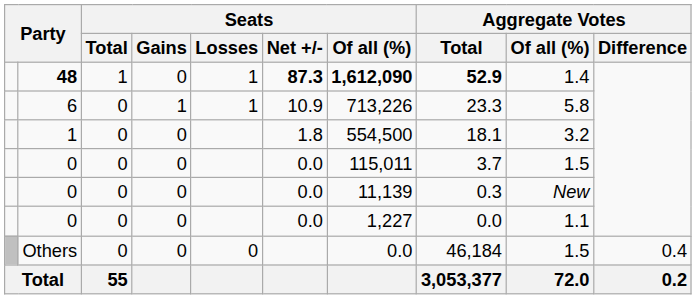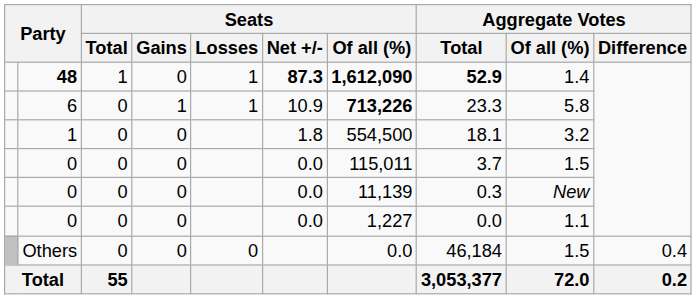 <table class="wikitable sortable" style="text-align:right; font-size:95%;">
 <tr>
 <th colspan="2" rowspan="2">Party</th>
 <th colspan="5">Seats</th>
 <th colspan="3">Aggregate Votes</th>
 </tr>
 <tr>
 <th>Total</th>
 <th>Gains</th>
 <th>Losses</th>
 <th>Net +/-</th>
 <th>Of all (%)</th>
 <th>Total</th>
 <th>Of all (%)</th>
 <th>Difference</th>
 </tr>
 <tr>
 <td></td>
 <td><strong>48</strong></td>
 <td>1</td>
 <td>0</td>
 <td>1</td>
 <td><strong>87.3</strong></td>
 <td><strong>1,612,090</strong></td>
 <td><strong>52.9</strong></td>
 <td>1.4</td>
 </tr>
 <tr>
 <td></td>
 <td>6</td>
 <td>0</td>
 <td>1</td>
 <td>1</td>
 <td>10.9</td>
-<td>713,226</td>
+<td><strong>713,226</strong></td>
 <td>23.3</td>
 <td>5.8</td>
 </tr>
 <tr>
 <td></td>
 <td>1</td>
 <td>0</td>
 <td>0</td>
 <td></td>
 <td>1.8</td>
 <td>554,500</td>
 <td>18.1</td>
 <td>3.2</td>
 </tr>
 <tr>
 <td></td>
 <td>0</td>
 <td>0</td>
 <td>0</td>
 <td></td>
 <td>0.0</td>
 <td>115,011</td>
 <td>3.7</td>
 <td>1.5</td>
 </tr>
 <tr>
 <td></td>
 <td>0</td>
 <td>0</td>
 <td>0</td>
 <td></td>
 <td>0.0</td>
 <td>11,139</td>
 <td>0.3</td>
 <td><em>New</em></td>
 </tr>
 <tr>
 <td></td>
 <td>0</td>
 <td>0</td>
 <td>0</td>
 <td></td>
 <td>0.0</td>
 <td>1,227</td>
 <td>0.0</td>
 <td>1.1</td>
 </tr>
 <tr>
 <td style="background:silver;"> </td>
 <td align=left>Others</td>
 <td>0</td>
 <td>0</td>
 <td>0</td>
 <td></td>
 <td>0.0</td>
 <td>46,184</td>
 <td>1.5</td>
 <td>0.4</td>
 </tr>
 <tr class="sortbottom">
 <th colspan="2" style="background:#f2f2f2">Total</th>
 <td style="background:#f2f2f2;"><strong>55</strong></td>
 <td style="background:#f2f2f2;"></td>
 <td style="background:#f2f2f2;"></td>
 <td style="background:#f2f2f2;"></td>
 <td style="background:#f2f2f2;"></td>
 <td style="background:#f2f2f2;"><strong>3,053,377</strong></td>
 <td style="background:#f2f2f2;"><strong>72.0</strong></td>
 <td style="background:#f2f2f2;"><strong>0.2</strong></td>
 </tr>
 </table>
